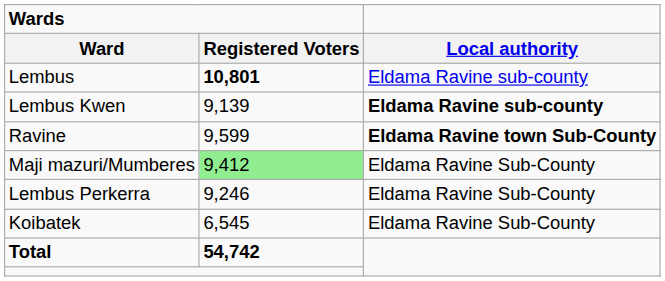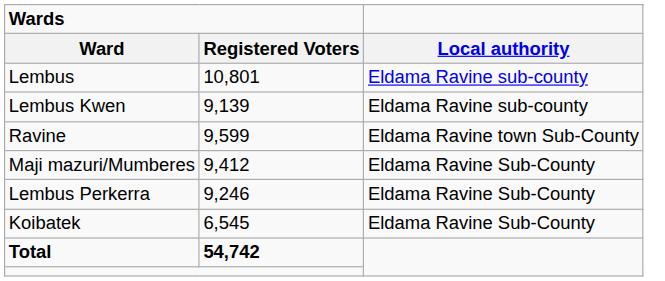 <table class="wikitable">
 <tr>
 <td colspan="2"><strong>Wards</strong></td>
 </tr>
 <tr>
 <th>Ward</th>
 <th>Registered Voters</th>
 <th><a href='#'>Local authority</a></th>
 </tr>
 <tr>
 <td>Lembus</td>
-<td><strong>10,801</strong></td>
+<td>10,801</td>
 <td><a href='#'>Eldama Ravine sub-county</a></td>
 </tr>
 <tr>
 <td>Lembus Kwen</td>
 <td>9,139</td>
-<td><strong>Eldama Ravine sub-county</strong></td>
+<td>Eldama Ravine sub-county</td>
 </tr>
 <tr>
 <td>Ravine</td>
 <td>9,599</td>
-<td><strong>Eldama Ravine town Sub-County</strong></td>
+<td>Eldama Ravine town Sub-County</td>
 </tr>
 <tr>
 <td>Maji mazuri/Mumberes</td>
-<td style="background: lightgreen;">9,412</td>
+<td>9,412</td>
 <td>Eldama Ravine Sub-County</td>
 </tr>
 <tr>
 <td>Lembus Perkerra</td>
 <td>9,246</td>
 <td>Eldama Ravine Sub-County</td>
 </tr>
 <tr>
 <td>Koibatek</td>
 <td>6,545</td>
 <td>Eldama Ravine Sub-County</td>
 </tr>
 <tr>
 <td><strong>Total</strong></td>
 <td><strong>54,742</strong></td>
 </tr>
 <tr>
 <td colspan="2"></td>
 </tr>
 </table>
